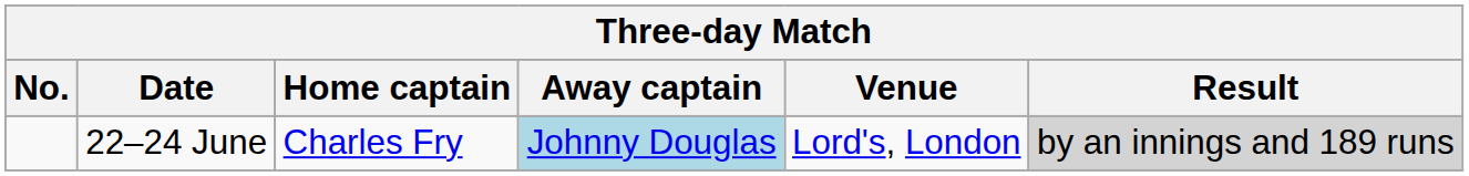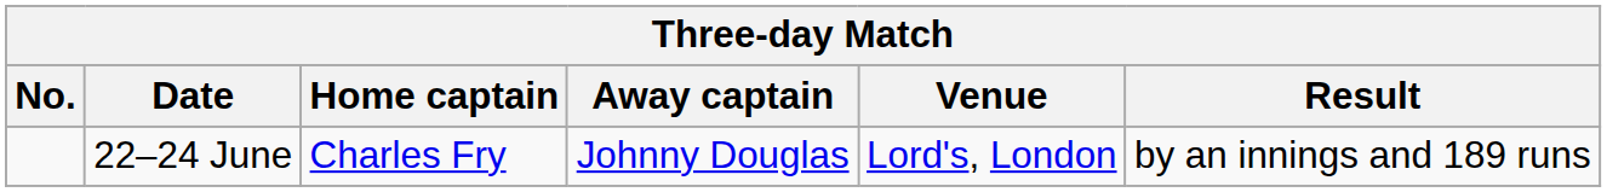 <table class="wikitable">
 <tr>
 <th colspan="9">Three-day Match</th>
 </tr>
 <tr>
 <th>No.</th>
 <th>Date</th>
 <th>Home captain</th>
 <th>Away captain</th>
 <th>Venue</th>
 <th>Result</th>
 </tr>
 <tr>
 <td></td>
 <td>22–24 June</td>
 <td><a href='#'>Charles Fry</a></td>
-<td style="background: lightblue;"><a href='#'>Johnny Douglas</a></td>
+<td><a href='#'>Johnny Douglas</a></td>
 <td><a href='#'>Lord's</a>, <a href='#'>London</a></td>
-<td style="background: lightgrey;"> by an innings and 189 runs</td>
+<td> by an innings and 189 runs</td>
 </tr>
 </table>
